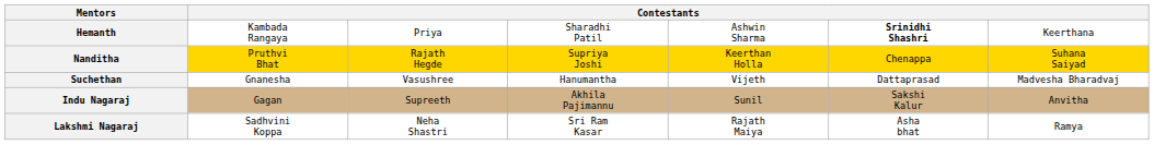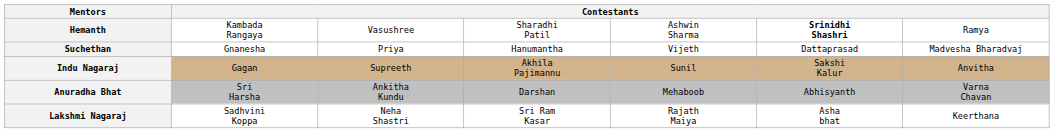 <table class="wikitable" style="text-align:center; width:100%;">
 <tr>
 <th style="width:16%;">Mentors</th>
 <th style="width:84%;" colspan="6">Contestants</th>
 </tr>
 <tr>
 <th>Hemanth</th>
 <td style="background:white; width:14%">Kambada<br>Rangaya</td>
-<td style="background:white; width:14%">Priya</td>
+<td style="background:white; width:14%">Vasushree</td>
 <td style="background:white; width:14%">Sharadhi<br>Patil</td>
 <td style="background:white; width:14%">Ashwin<br>Sharma</td>
 <td style="background:white; width:14%"><strong>Srinidhi<br>Shashri</strong></td>
-<td style="background:white; width:14%">Keerthana</td>
-</tr>
-<tr>
-<th style="background:gold width:16%">Nanditha</th>
-<td style="background:gold; width:14%">Pruthvi<br>Bhat</td>
-<td style="background:gold; width:14%">Rajath<br>Hegde</td>
-<td style="background:gold; width:14%">Supriya<br>Joshi</td>
-<td style="background:gold; width:14%">Keerthan<br>Holla</td>
-<td style="background:gold; width:14%">Chenappa</td>
-<td style="background:gold; width:14%">Suhana<br>Saiyad</td>
+<td style="background:white; width:14%">Ramya</td>
 </tr>
 <tr>
 <th>Suchethan</th>
 <td style="background:white; width:14%">Gnanesha</td>
-<td style="background:white; width:14%">Vasushree</td>
+<td style="background:white; width:14%">Priya</td>
 <td style="background:white; width:14%">Hanumantha</td>
 <td style="background:white; width:14%">Vijeth</td>
 <td style="background:white; width:14%">Dattaprasad</td>
 <td style="background:white; width:14%">Madvesha Bharadvaj</td>
 </tr>
 <tr>
 <th>Indu Nagaraj</th>
 <td style="background:tan; width:14%">Gagan</td>
 <td style="background:tan; width:14%">Supreeth</td>
 <td style="background:tan; width:14%">Akhila<br>Pajimannu</td>
 <td style="background:tan; width:14%">Sunil</td>
 <td style="background:tan; width:14%">Sakshi<br>Kalur</td>
 <td style="background:tan; width:14%">Anvitha</td>
 </tr>
 <tr>
+<th>Anuradha Bhat</th>
+<td style="background:silver; width:14%">Sri<br>Harsha</td>
+<td style="background:silver; width:14%">Ankitha<br>Kundu</td>
+<td style="background:silver; width:14%">Darshan</td>
+<td style="background:silver; width:14%">Mehaboob</td>
+<td style="background:silver; width:14%">Abhisyanth</td>
+<td style="background:silver; width:14%">Varna<br>Chavan</td>
+</tr>
+<tr>
 <th>Lakshmi Nagaraj</th>
 <td style="background:white; width:14%">Sadhvini<br>Koppa</td>
 <td style="background:white; width:14%">Neha<br>Shastri</td>
 <td style="background:white; width:14%">Sri Ram<br>Kasar</td>
 <td style="background:white; width:14%">Rajath<br>Maiya</td>
 <td style="background:white; width:14%">Asha<br>bhat</td>
-<td style="background:white; width:14%">Ramya</td>
+<td style="background:white; width:14%">Keerthana</td>
 </tr>
 </table>
